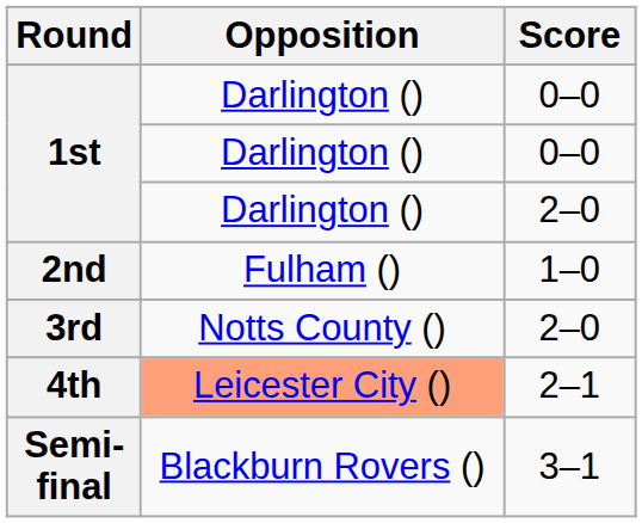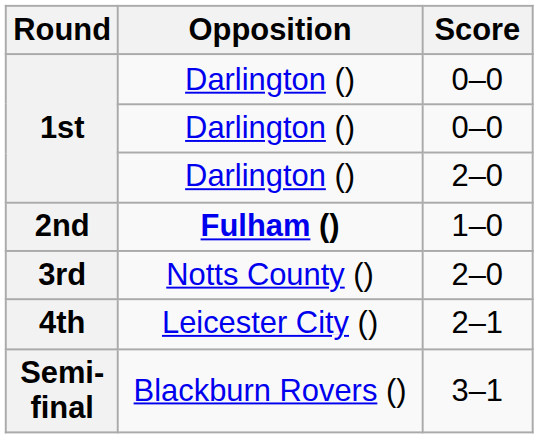 <table class="wikitable plainrowheaders" style="text-align:center;margin-left:1em;float:right">
 <tr>
 <th width="25">Round</th>
 <th width="150">Opposition</th>
 <th width="50">Score</th>
 </tr>
 <tr>
 <th Scope=row rowspan="3">1st</th>
 <td><a href='#'>Darlington</a> ()</td>
 <td>0–0</td>
 </tr>
 <tr>
 <td><a href='#'>Darlington</a> ()</td>
 <td>0–0</td>
 </tr>
 <tr>
 <td><a href='#'>Darlington</a> ()</td>
 <td>2–0</td>
 </tr>
 <tr>
 <th Scope=row>2nd</th>
-<td><a href='#'>Fulham</a> ()</td>
+<td><strong><a href='#'>Fulham</a> ()</strong></td>
 <td>1–0</td>
 </tr>
 <tr>
 <th Scope=row>3rd</th>
 <td><a href='#'>Notts County</a> ()</td>
 <td>2–0</td>
 </tr>
 <tr>
 <th Scope=row>4th</th>
-<td style="background: lightsalmon;"><a href='#'>Leicester City</a> ()</td>
+<td><a href='#'>Leicester City</a> ()</td>
 <td>2–1</td>
 </tr>
 <tr>
 <th Scope=row>Semi-final</th>
 <td><a href='#'>Blackburn Rovers</a> ()</td>
 <td>3–1</td>
 </tr>
 </table>
